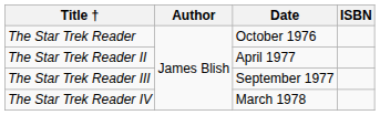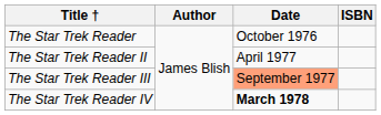 <table class="wikitable">
 <tr>
 <th>Title †</th>
 <th>Author</th>
 <th>Date</th>
 <th>ISBN</th>
 </tr>
 <tr>
 <td><em>The Star Trek Reader</em></td>
 <td rowspan="4">James Blish</td>
 <td>October 1976</td>
 <td></td>
 </tr>
 <tr>
 <td><em>The Star Trek Reader II</em></td>
 <td>April 1977</td>
 <td></td>
 </tr>
 <tr>
 <td><em>The Star Trek Reader III</em></td>
-<td>September 1977</td>
+<td style="background: lightsalmon;">September 1977</td>
 <td></td>
 </tr>
 <tr>
 <td><em>The Star Trek Reader IV</em></td>
-<td>March 1978</td>
+<td><strong>March 1978</strong></td>
 <td></td>
 </tr>
 </table>
